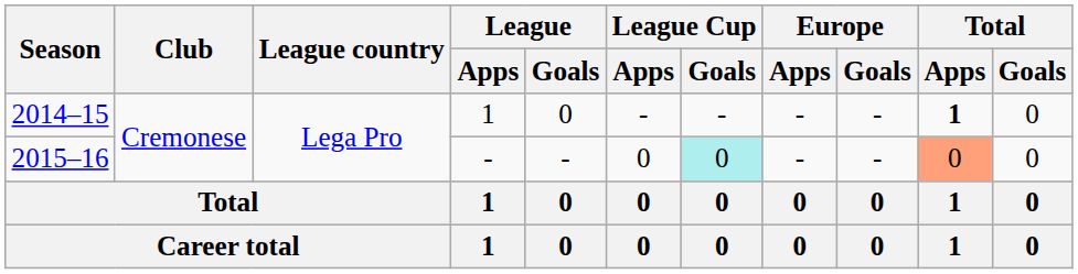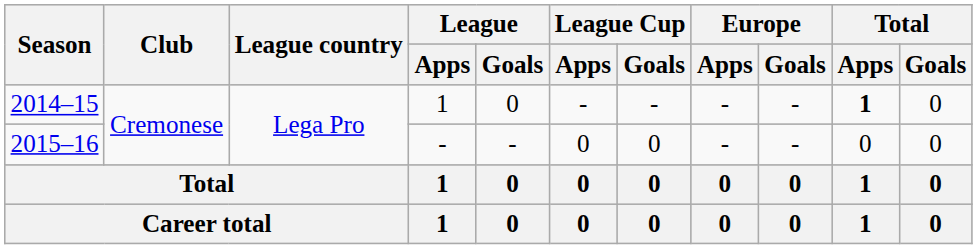 <table class="wikitable" style="text-align: center;">
 <tr>
 <th rowspan="2">Season</th>
 <th rowspan="2">Club</th>
 <th rowspan="2">League country</th>
 <th colspan="2">League</th>
 <th colspan="2">League Cup</th>
 <th colspan="2">Europe</th>
 <th colspan="2">Total</th>
 </tr>
 <tr>
 <th>Apps</th>
 <th>Goals</th>
 <th>Apps</th>
 <th>Goals</th>
 <th>Apps</th>
 <th>Goals</th>
 <th>Apps</th>
 <th>Goals</th>
 </tr>
 <tr>
 <td><a href='#'>2014–15</a></td>
 <td rowspan="2"><a href='#'>Cremonese</a></td>
 <td rowspan="2"><a href='#'>Lega Pro</a></td>
 <td>1</td>
 <td>0</td>
 <td>-</td>
 <td>-</td>
 <td>-</td>
 <td>-</td>
 <td><strong>1</strong></td>
 <td>0</td>
 </tr>
 <tr>
 <td><a href='#'>2015–16</a></td>
 <td>-</td>
 <td>-</td>
 <td>0</td>
-<td style="background: paleturquoise;">0</td>
+<td>0</td>
 <td>-</td>
 <td>-</td>
-<td style="background: lightsalmon;">0</td>
+<td>0</td>
 <td>0</td>
 </tr>
 <tr>
 <th colspan="3">Total</th>
 <th>1</th>
 <th>0</th>
 <th>0</th>
 <th>0</th>
 <th>0</th>
 <th>0</th>
 <th>1</th>
 <th>0</th>
 </tr>
 <tr>
 <th colspan="3">Career total</th>
 <th>1</th>
 <th>0</th>
 <th>0</th>
 <th>0</th>
 <th>0</th>
 <th>0</th>
 <th>1</th>
 <th>0</th>
 </tr>
 </table>
